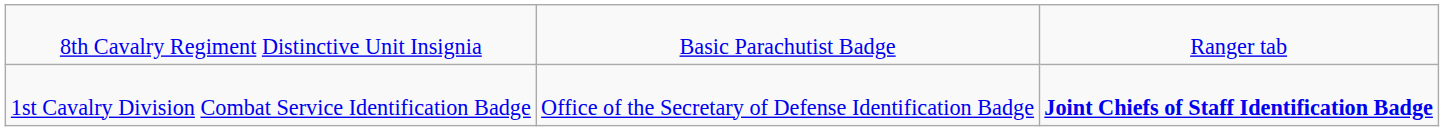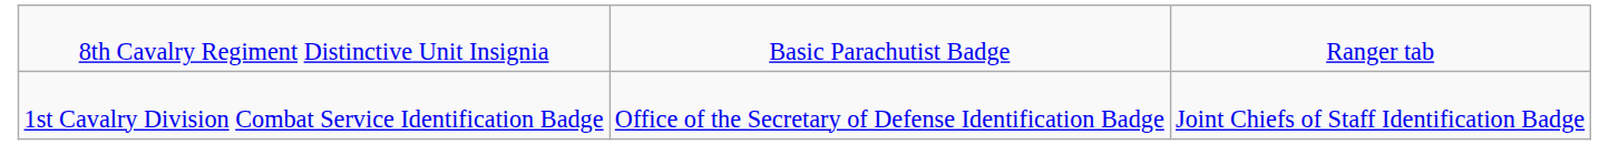 <table class="wikitable" style="margin-left: auto; margin-right: auto; text-align: center; margin-bottom: -1px;">
 <tr>
 <td><br><a href='#'>8th Cavalry Regiment</a> <a href='#'>Distinctive Unit Insignia</a></td>
 <td><br><a href='#'>Basic Parachutist Badge</a></td>
 <td><br><a href='#'>Ranger tab</a></td>
 </tr>
 <tr>
 <td><br><a href='#'>1st Cavalry Division</a> <a href='#'>Combat Service Identification Badge</a></td>
 <td><br><a href='#'>Office of the Secretary of Defense Identification Badge</a></td>
-<td><strong><br><a href='#'>Joint Chiefs of Staff Identification Badge</a></strong></td>
+<td><br><a href='#'>Joint Chiefs of Staff Identification Badge</a></td>
 </tr>
 </table>
